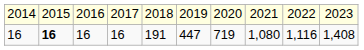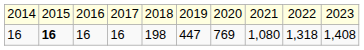 <table class="wikitable">
 <tr align="center" style="background:#ffffe0;">
 <td>2014</td>
 <td>2015</td>
 <td>2016</td>
 <td>2017</td>
 <td>2018</td>
 <td>2019</td>
 <td>2020</td>
 <td>2021</td>
 <td>2022</td>
 <td>2023</td>
 </tr>
 <tr>
 <td>16</td>
 <td><strong>16</strong></td>
 <td>16</td>
 <td>16</td>
-<td>191</td>
+<td>198</td>
 <td>447</td>
-<td>719</td>
+<td>769</td>
 <td>1,080</td>
-<td>1,116</td>
+<td>1,318</td>
 <td>1,408</td>
 </tr>
 </table>
